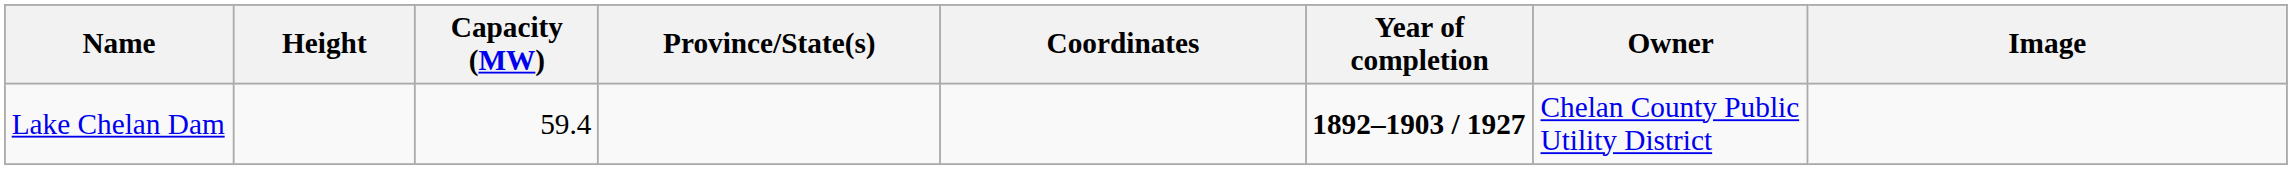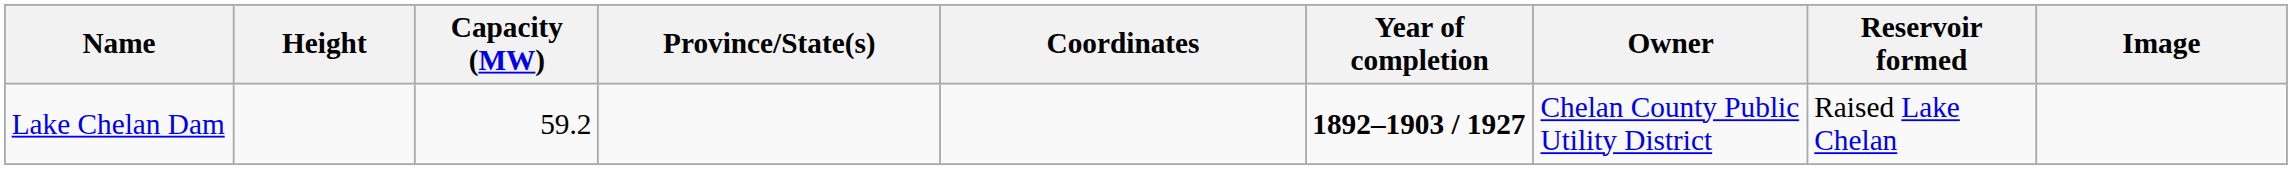 <table class="wikitable sortable" border="1">
 <tr>
 <th width="10%">Name</th>
 <th width="8%">Height</th>
 <th width="8%">Capacity (<a href='#'>MW</a>)</th>
 <th width="15%">Province/State(s)</th>
 <th width="16%">Coordinates</th>
 <th width="10%">Year of completion</th>
 <th width="12%">Owner</th>
+<th width="10%">Reservoir formed</th>
 <th>Image</th>
 </tr>
 <tr>
 <td><a href='#'>Lake Chelan Dam</a></td>
 <td></td>
-<td align=right>59.4</td>
+<td align=right>59.2</td>
 <td></td>
 <td></td>
 <td><strong>1892–1903 / 1927</strong></td>
 <td><a href='#'>Chelan County Public Utility District</a></td>
+<td>Raised <a href='#'>Lake Chelan</a></td>
 <td></td>
 </tr>
 </table>
